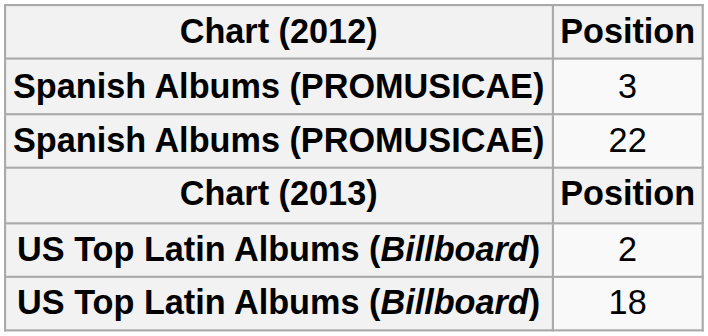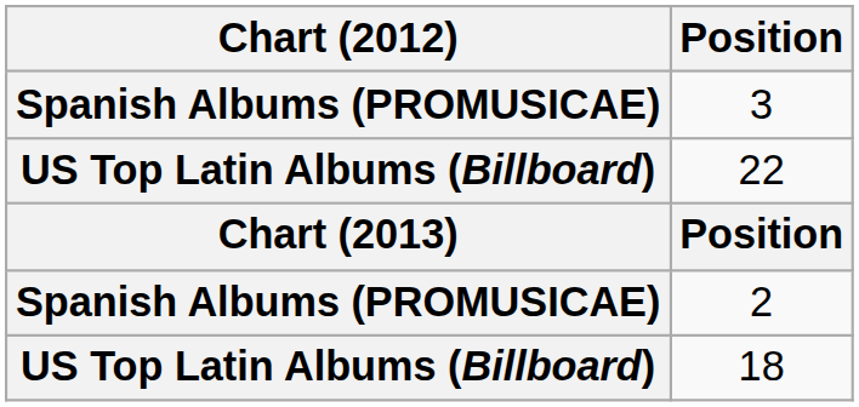 <table class="wikitable plainrowheaders">
 <tr>
 <th scope="col">Chart (2012)</th>
 <th scope="col">Position</th>
 </tr>
 <tr>
 <th scope="row">Spanish Albums (PROMUSICAE)</th>
 <td style="text-align:center;">3</td>
 </tr>
 <tr>
-<th scope="row">Spanish Albums (PROMUSICAE)</th>
+<th scope="row">US Top Latin Albums (<em>Billboard</em>)</th>
 <td style="text-align:center;">22</td>
 </tr>
 <tr>
 <th scope="col">Chart (2013)</th>
 <th scope="col">Position</th>
 </tr>
 <tr>
-<th scope="row">US Top Latin Albums (<em>Billboard</em>)</th>
+<th scope="row">Spanish Albums (PROMUSICAE)</th>
 <td style="text-align:center;">2</td>
 </tr>
 <tr>
 <th scope="row">US Top Latin Albums (<em>Billboard</em>)</th>
 <td style="text-align:center;">18</td>
 </tr>
 </table>
